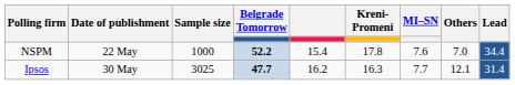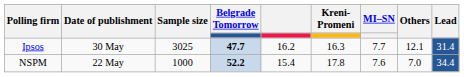 <table class="wikitable" style="text-align:center; font-size:85%; line-height:16px; margin-bottom:0">
 <tr>
 <th rowspan="2">Polling firm</th>
 <th rowspan="2">Date of publishment</th>
 <th rowspan="2">Sample size</th>
 <th><a href='#'>Belgrade<br>Tomorrow</a></th>
 <th></th>
 <th>Kreni-Promeni</th>
 <th><a href='#'>MI–SN</a></th>
 <th rowspan="2">Others</th>
 <th rowspan="2">Lead</th>
 </tr>
 <tr>
 <th style="background:#255794; width:60px"></th>
 <th style="background:#EC184A; width:60px"></th>
 <th style="background:#FDB913; width:60px"></th>
 <th style="background:"></th>
 </tr>
+<tr style="background:#EFEFEF width:60px">
+<td><a href='#'>Ipsos</a></td>
+<td>30 May</td>
+<td>3025</td>
+<td style="background:#C8D9EC"><strong>47.7</strong></td>
+<td>16.2</td>
+<td>16.3</td>
+<td>7.7</td>
+<td>12.1</td>
+<td style="background:#255794; color:white">31.4</td>
+</tr>
 <tr>
 <td>NSPM</td>
 <td>22 May</td>
 <td>1000</td>
 <td style="background:#C8D9EC"><strong>52.2</strong></td>
 <td>15.4</td>
 <td>17.8</td>
 <td>7.6</td>
 <td>7.0</td>
 <td style="background:#255794; color:white">34.4</td>
 </tr>
-<tr style="background:#EFEFEF width:60px">
-<td><a href='#'>Ipsos</a></td>
-<td>30 May</td>
-<td>3025</td>
-<td style="background:#C8D9EC"><strong>47.7</strong></td>
-<td>16.2</td>
-<td>16.3</td>
-<td>7.7</td>
-<td>12.1</td>
-<td style="background:#255794; color:white">31.4</td>
-</tr>
 </table>
